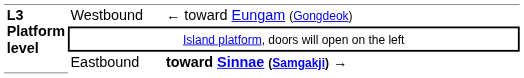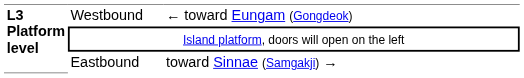 <table table border=0 cellspacing=0 cellpadding=3>
 <tr>
 <td style="border-top:solid 1px gray;border-bottom:solid 1px gray;" width=50 rowspan=10 valign=top><strong>L3<br>Platform level</strong></td>
 <td style="border-bottom:solid 0px gray;border-top:solid 1px gray;" width=100>Westbound</td>
 <td style="border-bottom:solid 0px gray;border-top:solid 1px gray;" width=390>←  toward <a href='#'>Eungam</a> <small>(<a href='#'>Gongdeok</a>)</small></td>
 </tr>
 <tr>
 <td style="border-top:solid 2px black;border-right:solid 2px black;border-left:solid 2px black;border-bottom:solid 2px black;text-align:center;" colspan=2><small><a href='#'>Island platform</a>, doors will open on the left </small></td>
 </tr>
 <tr>
 <td>Eastbound</td>
-<td><strong>  toward <a href='#'>Sinnae</a> <small>(<a href='#'>Samgakji</a>)</small> →</strong></td>
+<td>  toward <a href='#'>Sinnae</a> <small>(<a href='#'>Samgakji</a>)</small> →</td>
 </tr>
 </table>
